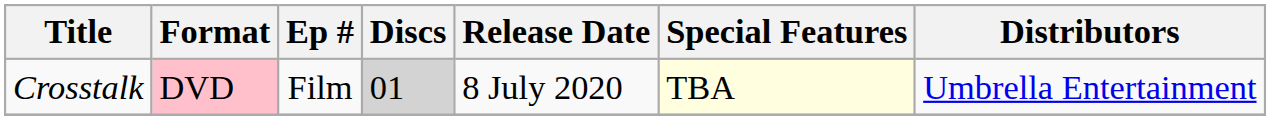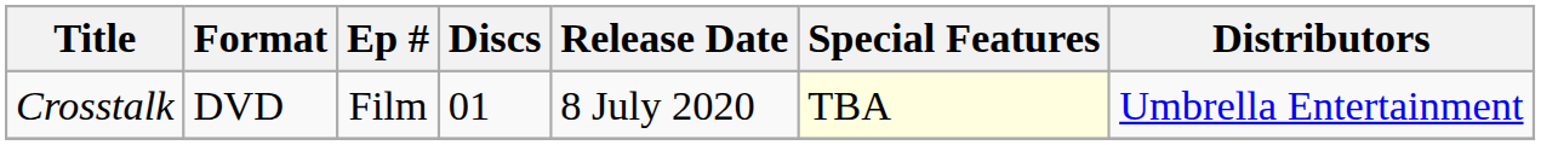 <table class="wikitable">
 <tr>
 <th>Title</th>
 <th>Format</th>
 <th>Ep #</th>
 <th>Discs</th>
 <th>Release Date</th>
 <th>Special Features</th>
 <th>Distributors</th>
 </tr>
 <tr>
 <td><em>Crosstalk</em></td>
-<td style="background: pink;">DVD</td>
+<td>DVD</td>
 <td style="text-align:center;">Film</td>
-<td style="background: lightgrey;">01</td>
+<td>01</td>
 <td>8 July 2020</td>
 <td style="background: lightyellow;">TBA</td>
 <td><a href='#'>Umbrella Entertainment</a></td>
 </tr>
 <tr>
 </tr>
 </table>
